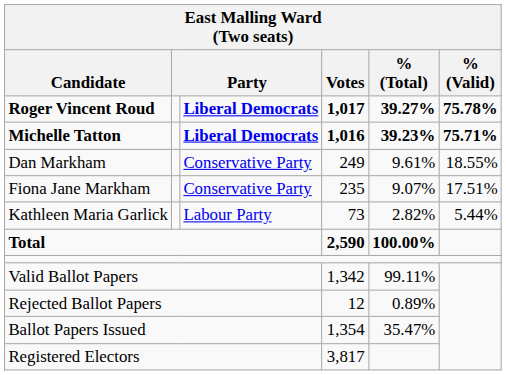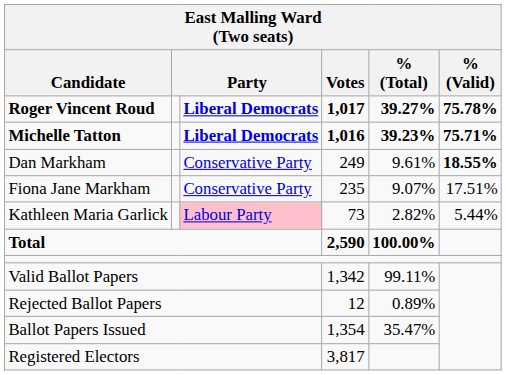 <table class="wikitable" border="1" style="text-align:right; font-size:100%">
 <tr>
 <th align=center colspan=6>East Malling Ward<br>(Two seats)</th>
 </tr>
 <tr>
 <th valign=bottom>Candidate</th>
 <th valign=bottom colspan=2>Party</th>
 <th valign=bottom>Votes</th>
 <th>%<br>(Total)</th>
 <th>%<br>(Valid)</th>
 </tr>
 <tr>
 <td align=left><strong>Roger Vincent Roud</strong></td>
 <td style="background:"></td>
 <td align=left><strong><a href='#'>Liberal Democrats</a></strong></td>
 <td><strong>1,017</strong></td>
 <td><strong>39.27%</strong></td>
 <td><strong>75.78%</strong></td>
 </tr>
 <tr>
 <td align=left><strong>Michelle Tatton</strong></td>
 <td style="background:"></td>
 <td align=left><strong><a href='#'>Liberal Democrats</a></strong></td>
 <td><strong>1,016</strong></td>
 <td><strong>39.23%</strong></td>
 <td><strong>75.71%</strong></td>
 </tr>
 <tr>
 <td align=left>Dan Markham</td>
 <td style="background:"></td>
 <td align=left><a href='#'>Conservative Party</a></td>
 <td>249</td>
 <td>9.61%</td>
-<td>18.55%</td>
+<td><strong>18.55%</strong></td>
 </tr>
 <tr>
 <td align=left>Fiona Jane Markham</td>
 <td style="background:"></td>
 <td align=left><a href='#'>Conservative Party</a></td>
 <td>235</td>
 <td>9.07%</td>
 <td>17.51%</td>
 </tr>
 <tr>
 <td align=left>Kathleen Maria Garlick</td>
 <td style="background:"></td>
-<td align=left><a href='#'>Labour Party</a></td>
+<td align=left style="background: pink;"><a href='#'>Labour Party</a></td>
 <td>73</td>
 <td>2.82%</td>
 <td>5.44%</td>
 </tr>
 <tr style="font-weight:bold">
 <td align=left colspan=3>Total</td>
 <td>2,590</td>
 <td>100.00%</td>
 <td></td>
 </tr>
 <tr>
 <td align=left colspan=6></td>
 </tr>
 <tr>
 <td align=left colspan=3>Valid Ballot Papers</td>
 <td>1,342</td>
 <td>99.11%</td>
 <td rowspan=4></td>
 </tr>
 <tr>
 <td align=left colspan=3>Rejected Ballot Papers</td>
 <td>12</td>
 <td>0.89%</td>
 </tr>
 <tr>
 <td align=left colspan=3>Ballot Papers Issued</td>
 <td>1,354</td>
 <td>35.47%</td>
 </tr>
 <tr>
 <td align=left colspan=3>Registered Electors</td>
 <td>3,817</td>
 <td></td>
 </tr>
 </table>
